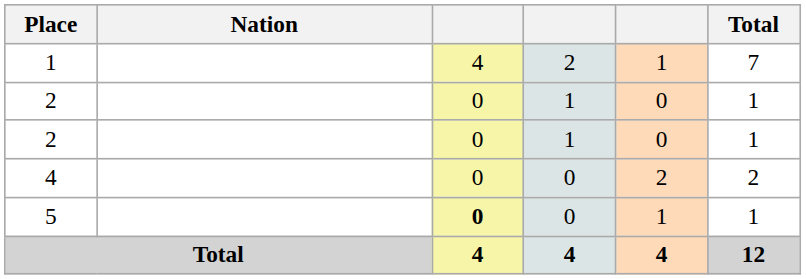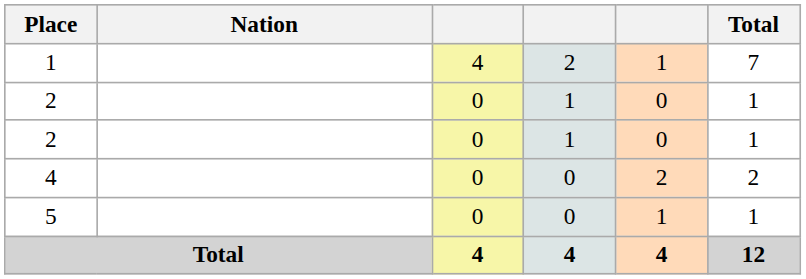 <table class=wikitable style="border:1px solid #AAAAAA;font-size:90%">
 <tr bgcolor="#EFEFEF">
 <th width=50>Place</th>
 <th width=200>Nation</th>
 <th width=50></th>
 <th width=50></th>
 <th width=50></th>
 <th width=50>Total</th>
 </tr>
 <tr align="center" valign="top" bgcolor="#FFFFFF">
 <td>1</td>
 <td align="left"></td>
 <td style="background:#F7F6A8;">4</td>
 <td style="background:#DCE5E5;">2</td>
 <td style="background:#FFDAB9;">1</td>
 <td>7</td>
 </tr>
 <tr align="center" valign="top" bgcolor="#FFFFFF">
 <td>2</td>
 <td align="left"></td>
 <td style="background:#F7F6A8;">0</td>
 <td style="background:#DCE5E5;">1</td>
 <td style="background:#FFDAB9;">0</td>
 <td>1</td>
 </tr>
 <tr align="center" valign="top" bgcolor="#FFFFFF">
 <td>2</td>
 <td align="left"></td>
 <td style="background:#F7F6A8;">0</td>
 <td style="background:#DCE5E5;">1</td>
 <td style="background:#FFDAB9;">0</td>
 <td>1</td>
 </tr>
 <tr align="center" valign="top" bgcolor="#FFFFFF">
 <td>4</td>
 <td align="left"></td>
 <td style="background:#F7F6A8;">0</td>
 <td style="background:#DCE5E5;">0</td>
 <td style="background:#FFDAB9;">2</td>
 <td>2</td>
 </tr>
 <tr align="center" valign="top" bgcolor="#FFFFFF">
 <td>5</td>
 <td align="left"></td>
-<td style="background:#F7F6A8;"><strong>0</strong></td>
+<td style="background:#F7F6A8;">0</td>
 <td style="background:#DCE5E5;">0</td>
 <td style="background:#FFDAB9;">1</td>
 <td>1</td>
 </tr>
 <tr align="center">
 <td colspan="2" bgcolor=D3D3D3><strong>Total</strong></td>
 <td style="background:#F7F6A8;"><strong>4</strong></td>
 <td style="background:#DCE5E5;"><strong>4</strong></td>
 <td style="background:#FFDAB9;"><strong>4</strong></td>
 <td bgcolor=D3D3D3><strong>12</strong></td>
 </tr>
 </table>
